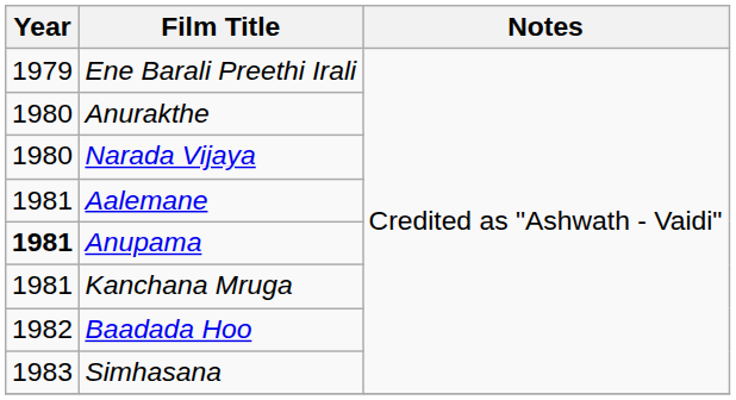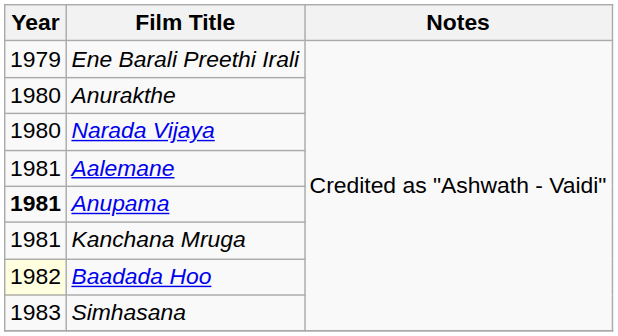 <table class="wikitable sortable">
 <tr>
 <th>Year</th>
 <th>Film Title</th>
 <th>Notes</th>
 </tr>
 <tr>
 <td>1979</td>
 <td><em>Ene Barali Preethi Irali</em></td>
 <td rowspan="8">Credited as "Ashwath - Vaidi"</td>
 </tr>
 <tr>
 <td>1980</td>
 <td><em>Anurakthe</em></td>
 </tr>
 <tr>
 <td>1980</td>
 <td><em><a href='#'>Narada Vijaya</a></em></td>
 </tr>
 <tr>
 <td>1981</td>
 <td><em><a href='#'>Aalemane</a></em></td>
 </tr>
 <tr>
 <td><strong>1981</strong></td>
 <td><em><a href='#'>Anupama</a></em></td>
 </tr>
 <tr>
 <td>1981</td>
 <td><em>Kanchana Mruga</em></td>
 </tr>
 <tr>
-<td>1982</td>
+<td style="background: lightyellow;">1982</td>
 <td><em><a href='#'>Baadada Hoo</a></em></td>
 </tr>
 <tr>
 <td>1983</td>
 <td><em>Simhasana</em></td>
 </tr>
 <tr>
 </tr>
 </table>
